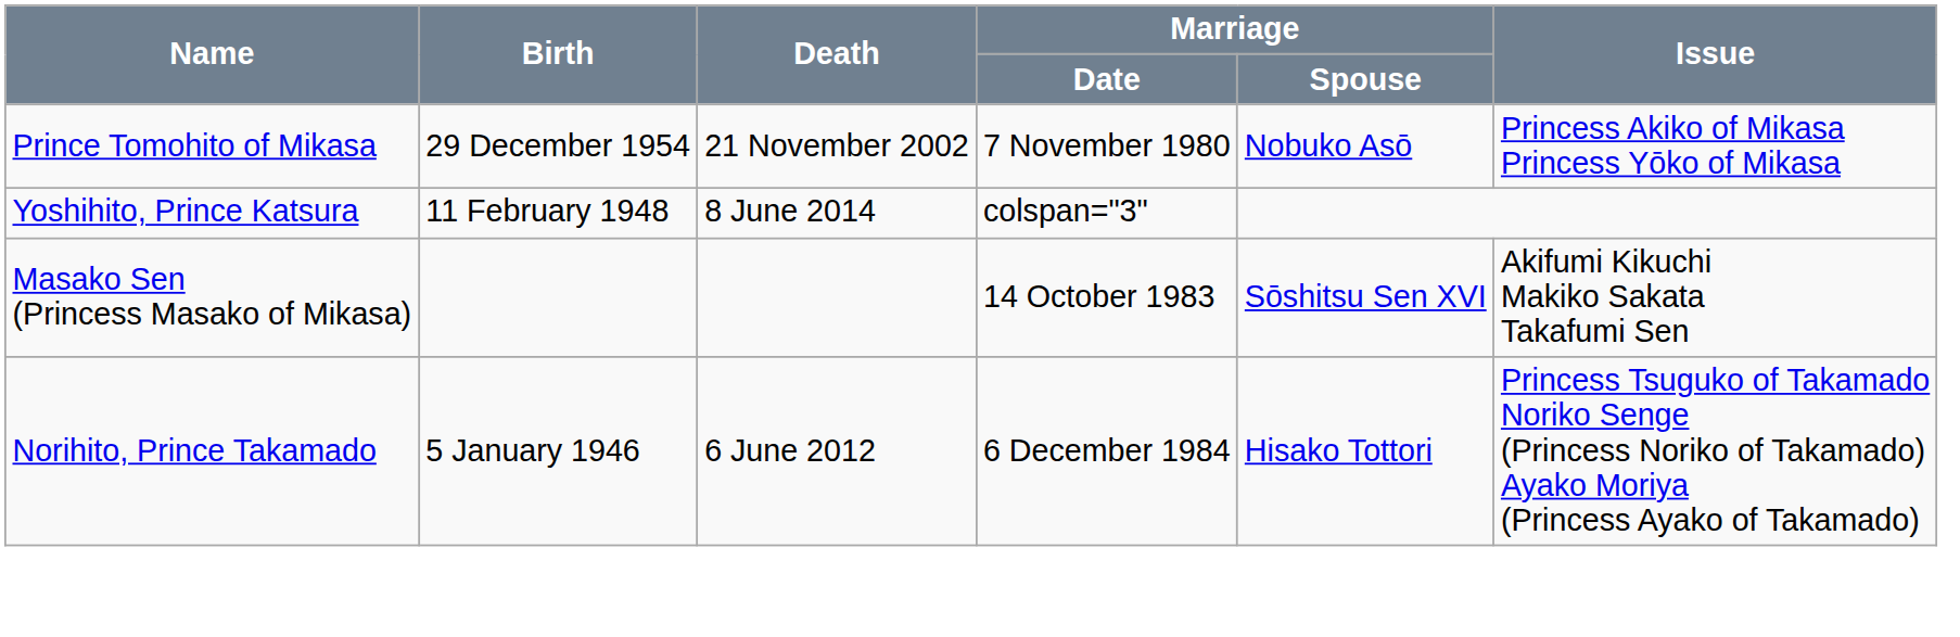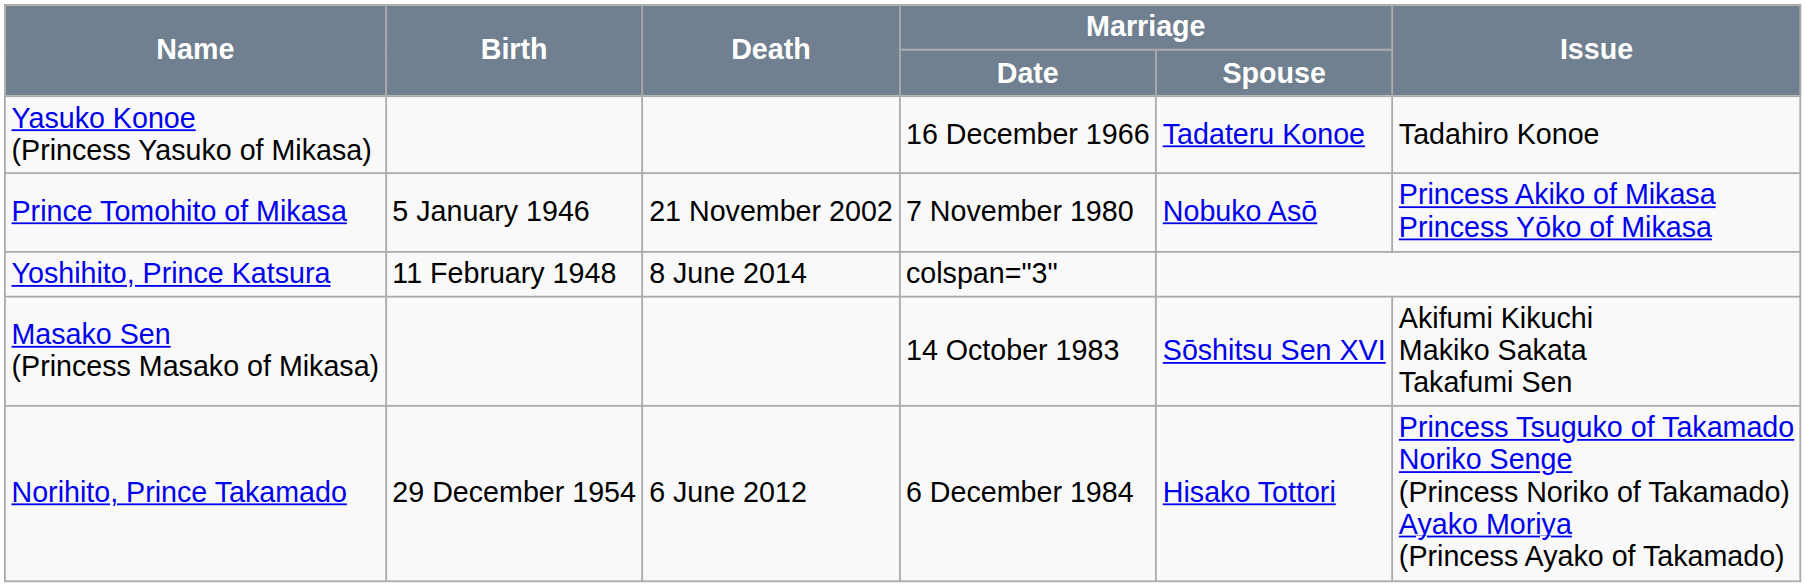 <table class="wikitable">
 <tr>
 <th rowspan="2" style="background:#708090;color:white;">Name</th>
 <th rowspan="2" style="background:#708090;color:white;">Birth</th>
 <th rowspan="2" style="background:#708090;color:white;">Death</th>
 <th style="background:#708090;color:white;" colspan="2">Marriage</th>
 <th rowspan="2" style="background:#708090;color:white;">Issue</th>
 </tr>
 <tr>
 <th style="background:#708090;color:white;">Date</th>
 <th style="background:#708090;color:white;">Spouse</th>
 </tr>
 <tr>
+<td><a href='#'>Yasuko Konoe</a><br>(Princess Yasuko of Mikasa)</td>
+<td></td>
+<td></td>
+<td>16 December 1966</td>
+<td><a href='#'>Tadateru Konoe</a></td>
+<td>Tadahiro Konoe</td>
+</tr>
+<tr>
 <td><a href='#'>Prince Tomohito of Mikasa</a></td>
-<td>29 December 1954</td>
+<td>5 January 1946</td>
 <td>21 November 2002</td>
 <td>7 November 1980</td>
 <td><a href='#'>Nobuko Asō</a></td>
 <td><a href='#'>Princess Akiko of Mikasa</a><br><a href='#'>Princess Yōko of Mikasa</a></td>
 </tr>
 <tr>
 <td><a href='#'>Yoshihito, Prince Katsura</a></td>
 <td>11 February 1948</td>
 <td>8 June 2014</td>
 <td>colspan="3" </td>
 </tr>
 <tr>
 <td><a href='#'>Masako Sen</a><br>(Princess Masako of Mikasa)</td>
 <td></td>
 <td></td>
 <td>14 October 1983</td>
 <td><a href='#'>Sōshitsu Sen XVI</a></td>
 <td>Akifumi Kikuchi<br>Makiko Sakata<br>Takafumi Sen</td>
 </tr>
 <tr>
 <td><a href='#'>Norihito, Prince Takamado</a></td>
-<td>5 January 1946</td>
+<td>29 December 1954</td>
 <td>6 June 2012</td>
 <td>6 December 1984</td>
 <td><a href='#'>Hisako Tottori</a></td>
 <td><a href='#'>Princess Tsuguko of Takamado</a><br><a href='#'>Noriko Senge</a><br>(Princess Noriko of Takamado)<br><a href='#'>Ayako Moriya</a><br>(Princess Ayako of Takamado)</td>
 </tr>
 </table>
